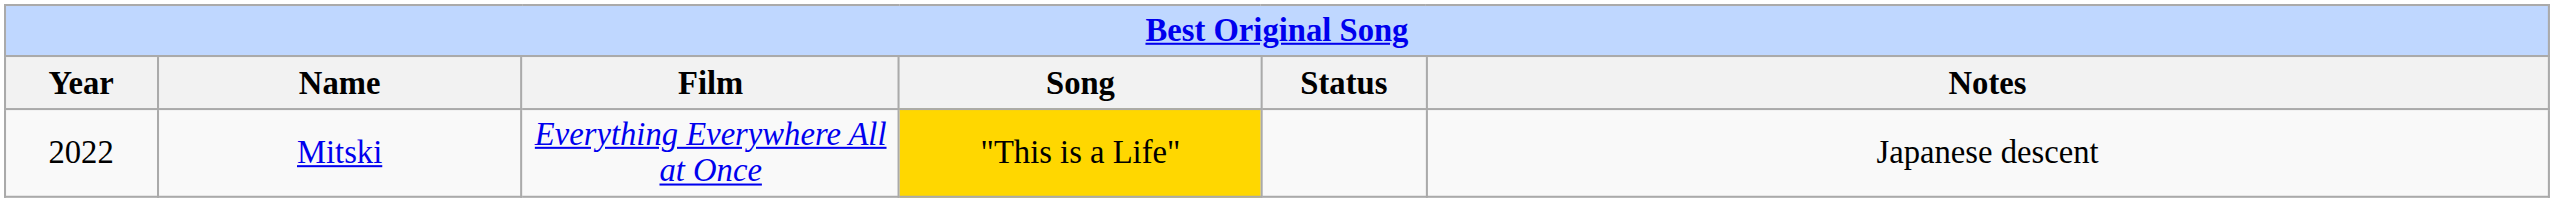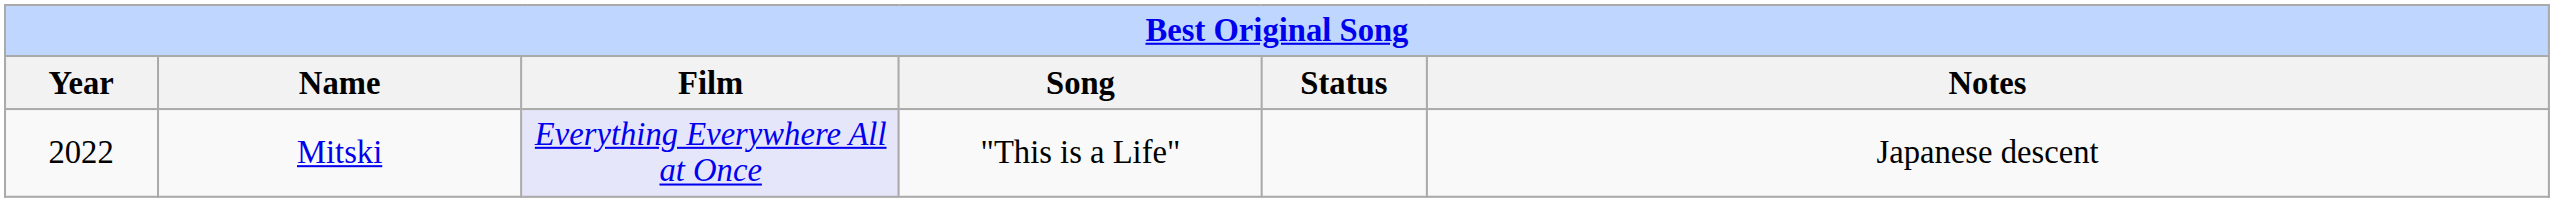 <table class="wikitable" style="text-align: center">
 <tr style="background:#bfd7ff;">
 <td colspan="6" style="text-align:center;"><strong><a href='#'>Best Original Song</a></strong></td>
 </tr>
 <tr style="background:#ebf5ff;">
 <th style="width:075px;">Year</th>
 <th style="width:200px;">Name</th>
 <th style="width:200px;">Film</th>
 <th style="width:200px;">Song</th>
 <th style="width:080px;">Status</th>
 <th style="width:650px;">Notes</th>
 </tr>
 <tr>
 <td>2022</td>
 <td><a href='#'>Mitski</a></td>
-<td><em><a href='#'>Everything Everywhere All at Once</a></em></td>
-<td style="background: gold;">"This is a Life"</td>
+<td style="background: lavender;"><em><a href='#'>Everything Everywhere All at Once</a></em></td>
+<td>"This is a Life"</td>
 <td></td>
 <td>Japanese descent<br></td>
 </tr>
 </table>
